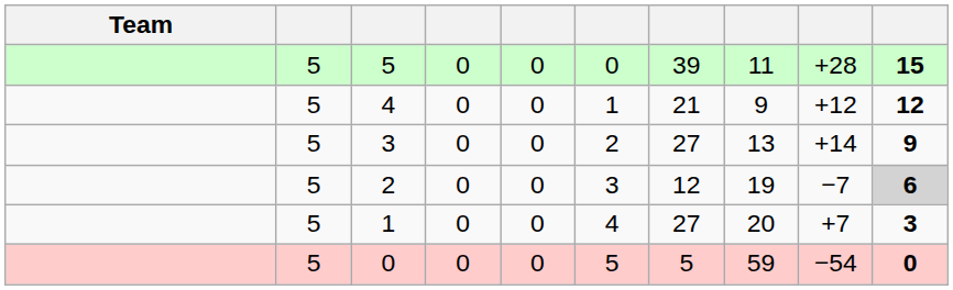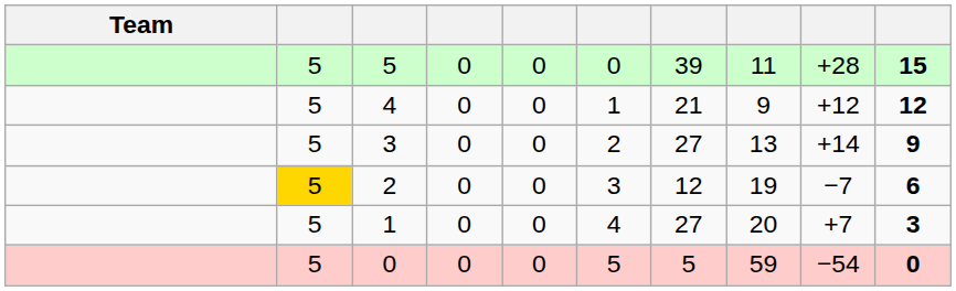 <table class="wikitable" style="text-align:center;">
 <tr>
 <th width=165>Team</th>
 <th width=40></th>
 <th width=40></th>
 <th width=40></th>
 <th width=40></th>
 <th width=40></th>
 <th width=40></th>
 <th width=40></th>
 <th width=40></th>
 <th width=40></th>
 </tr>
 <tr style="background:#ccffcc;">
 <td align=left></td>
 <td>5</td>
 <td>5</td>
 <td>0</td>
 <td>0</td>
 <td>0</td>
 <td>39</td>
 <td>11</td>
 <td>+28</td>
 <td><strong>15</strong></td>
 </tr>
 <tr>
 <td align=left></td>
 <td>5</td>
 <td>4</td>
 <td>0</td>
 <td>0</td>
 <td>1</td>
 <td>21</td>
 <td>9</td>
 <td>+12</td>
 <td><strong>12</strong></td>
 </tr>
 <tr>
 <td align=left></td>
 <td>5</td>
 <td>3</td>
 <td>0</td>
 <td>0</td>
 <td>2</td>
 <td>27</td>
 <td>13</td>
 <td>+14</td>
 <td><strong>9</strong></td>
 </tr>
 <tr>
 <td align=left></td>
-<td>5</td>
+<td style="background: gold;">5</td>
 <td>2</td>
 <td>0</td>
 <td>0</td>
 <td>3</td>
 <td>12</td>
 <td>19</td>
 <td>−7</td>
-<td style="background: lightgrey;"><strong>6</strong></td>
+<td><strong>6</strong></td>
 </tr>
 <tr>
 <td align=left></td>
 <td>5</td>
 <td>1</td>
 <td>0</td>
 <td>0</td>
 <td>4</td>
 <td>27</td>
 <td>20</td>
 <td>+7</td>
 <td><strong>3</strong></td>
 </tr>
 <tr style="background:#ffcccc;">
 <td align=left></td>
 <td>5</td>
 <td>0</td>
 <td>0</td>
 <td>0</td>
 <td>5</td>
 <td>5</td>
 <td>59</td>
 <td>−54</td>
 <td><strong>0</strong></td>
 </tr>
 </table>
